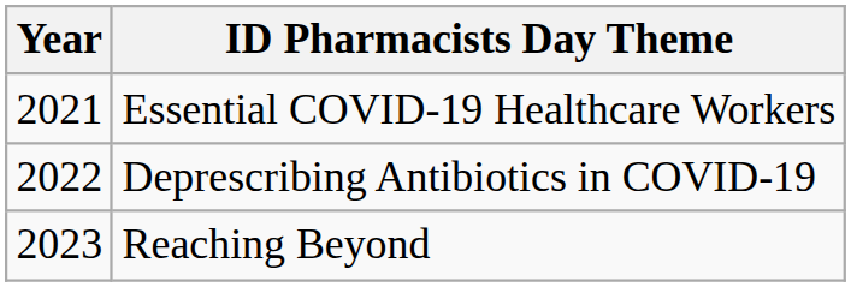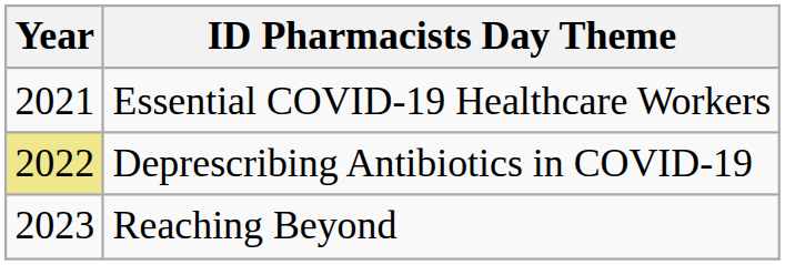 <table class="wikitable">
 <tr>
 <th>Year</th>
 <th>ID Pharmacists Day Theme</th>
 </tr>
 <tr>
 <td>2021</td>
 <td>Essential COVID-19 Healthcare Workers</td>
 </tr>
 <tr>
-<td>2022</td>
+<td style="background: khaki;">2022</td>
 <td>Deprescribing Antibiotics in COVID-19</td>
 </tr>
 <tr>
 <td>2023</td>
 <td>Reaching Beyond</td>
 </tr>
 </table>
